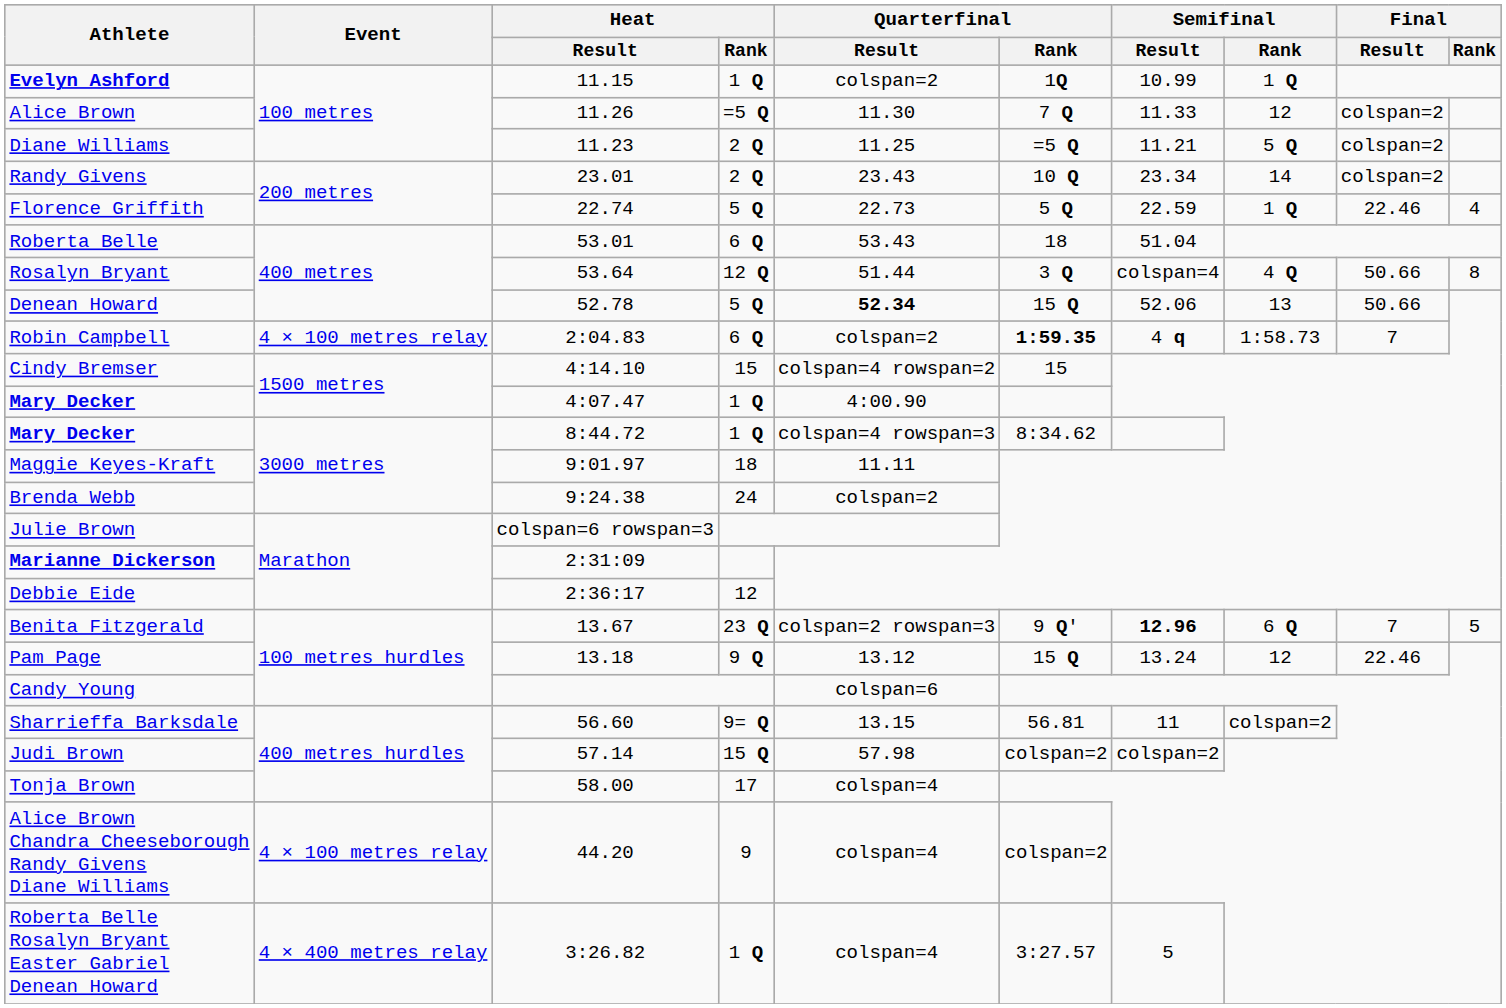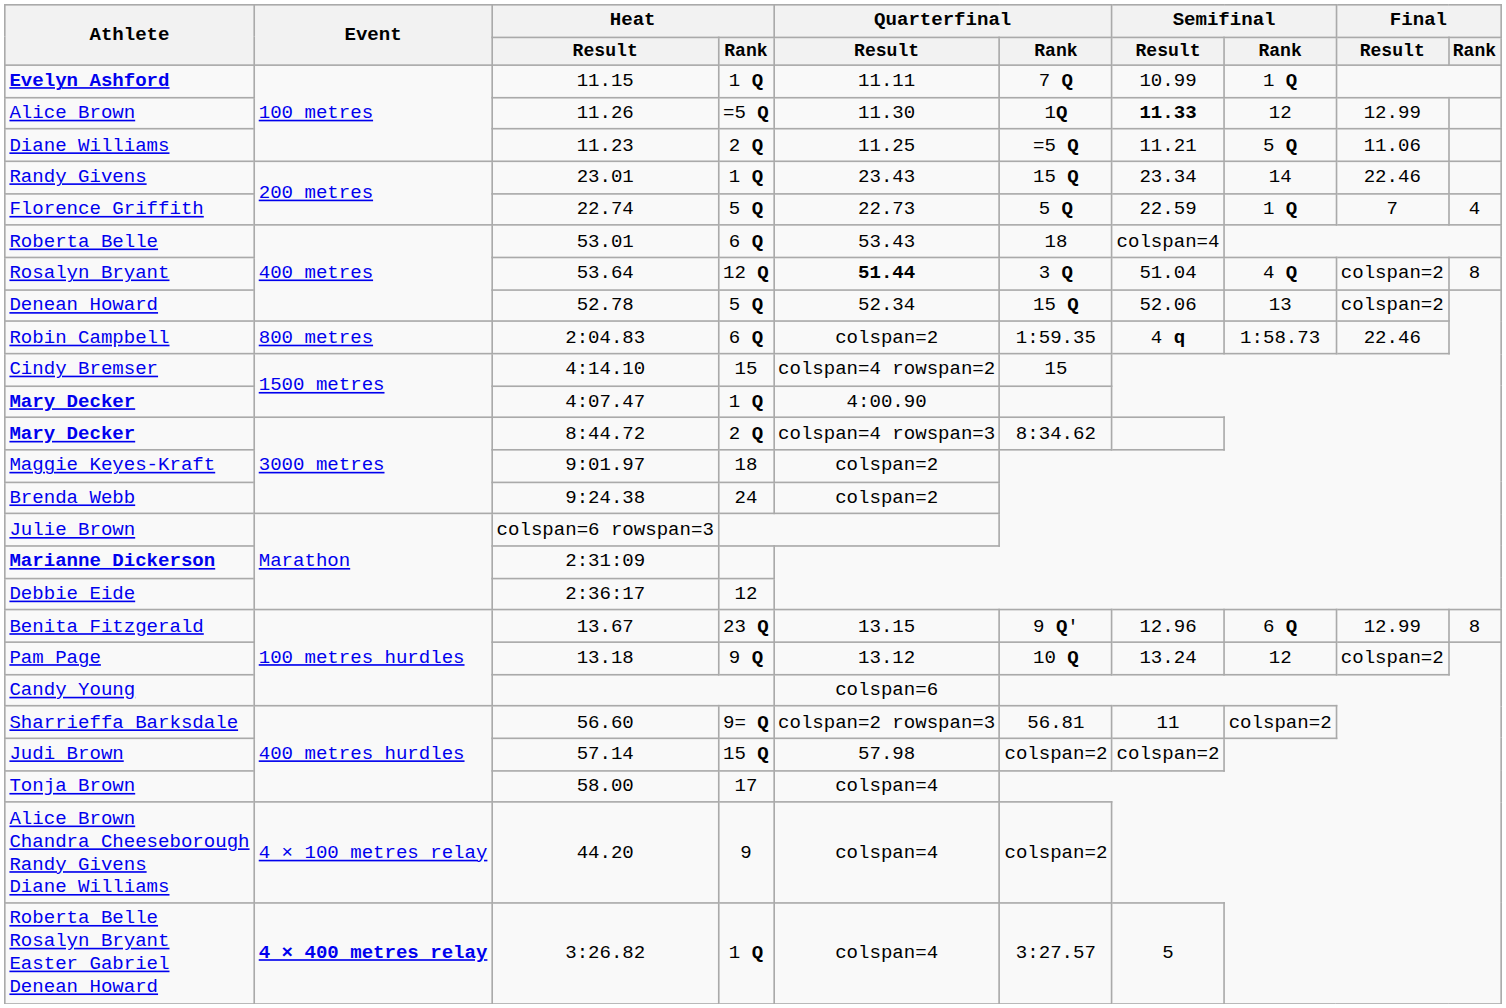 <table class=wikitable style=font-size:90%>
 <tr>
 <th rowspan=2>Athlete</th>
 <th rowspan=2>Event</th>
 <th colspan=2>Heat</th>
 <th colspan=2>Quarterfinal</th>
 <th colspan=2>Semifinal</th>
 <th colspan=2>Final</th>
 </tr>
 <tr style=font-size:95%>
 <th>Result</th>
 <th>Rank</th>
 <th>Result</th>
 <th>Rank</th>
 <th>Result</th>
 <th>Rank</th>
 <th>Result</th>
 <th>Rank</th>
 </tr>
 <tr align=center>
 <td align=left><strong><a href='#'>Evelyn Ashford</a></strong></td>
 <td align=left rowspan=3><a href='#'>100 metres</a></td>
 <td>11.15</td>
 <td>1 <strong>Q</strong></td>
-<td>colspan=2 </td>
-<td>1<strong>Q</strong></td>
+<td>11.11</td>
+<td>7 <strong>Q</strong></td>
 <td>10.99</td>
 <td>1 <strong>Q</strong></td>
 <td colspan=2></td>
 </tr>
 <tr align=center>
 <td align=left><a href='#'>Alice Brown</a></td>
 <td>11.26</td>
 <td>=5 <strong>Q</strong></td>
 <td>11.30</td>
-<td>7 <strong>Q</strong></td>
-<td>11.33</td>
+<td>1<strong>Q</strong></td>
+<td><strong>11.33</strong></td>
 <td>12</td>
-<td>colspan=2 </td>
+<td>12.99</td>
 </tr>
 <tr align=center>
 <td align=left><a href='#'>Diane Williams</a></td>
 <td>11.23</td>
 <td>2 <strong>Q</strong></td>
 <td>11.25</td>
 <td>=5 <strong>Q</strong></td>
 <td>11.21</td>
 <td>5 <strong>Q</strong></td>
-<td>colspan=2 </td>
+<td>11.06</td>
 <td></td>
 </tr>
 <tr align=center>
 <td align=left><a href='#'>Randy Givens</a></td>
 <td align=left rowspan=2><a href='#'>200 metres</a></td>
 <td>23.01</td>
-<td>2 <strong>Q</strong></td>
+<td>1 <strong>Q</strong></td>
 <td>23.43</td>
-<td>10 <strong>Q</strong></td>
+<td>15 <strong>Q</strong></td>
 <td>23.34</td>
 <td>14</td>
-<td>colspan=2 </td>
+<td>22.46</td>
 </tr>
 <tr align=center>
 <td align=left><a href='#'>Florence Griffith</a></td>
 <td>22.74</td>
 <td>5 <strong>Q</strong></td>
 <td>22.73</td>
 <td>5 <strong>Q</strong></td>
 <td>22.59</td>
 <td>1 <strong>Q</strong></td>
-<td>22.46</td>
+<td>7</td>
 <td>4</td>
 </tr>
 <tr align=center>
 <td align=left><a href='#'>Roberta Belle</a></td>
 <td align=left rowspan=3><a href='#'>400 metres</a></td>
 <td>53.01</td>
 <td>6 <strong>Q</strong></td>
 <td>53.43</td>
 <td>18</td>
-<td>51.04</td>
+<td>colspan=4 </td>
 </tr>
 <tr align=center>
 <td align=left><a href='#'>Rosalyn Bryant</a></td>
 <td>53.64</td>
 <td>12 <strong>Q</strong></td>
-<td>51.44</td>
+<td><strong>51.44</strong></td>
 <td>3 <strong>Q</strong></td>
-<td>colspan=4 </td>
+<td>51.04</td>
 <td>4 <strong>Q</strong></td>
-<td>50.66</td>
+<td>colspan=2 </td>
 <td>8</td>
 </tr>
 <tr align=center>
 <td align=left><a href='#'>Denean Howard</a></td>
 <td>52.78</td>
 <td>5 <strong>Q</strong></td>
-<td><strong>52.34</strong></td>
+<td>52.34</td>
 <td>15 <strong>Q</strong></td>
 <td>52.06</td>
 <td>13</td>
-<td>50.66</td>
+<td>colspan=2 </td>
 </tr>
 <tr align=center>
 <td align=left><a href='#'>Robin Campbell</a></td>
-<td align=left><a href='#'>4 × 100 metres relay</a></td>
+<td align=left><a href='#'>800 metres</a></td>
 <td>2:04.83</td>
 <td>6 <strong>Q</strong></td>
 <td>colspan=2 </td>
-<td><strong>1:59.35</strong></td>
+<td>1:59.35</td>
 <td>4 <strong>q</strong></td>
 <td>1:58.73</td>
-<td>7</td>
+<td>22.46</td>
 </tr>
 <tr align=center>
 <td align=left><a href='#'>Cindy Bremser</a></td>
 <td align=left rowspan=2><a href='#'>1500 metres</a></td>
 <td>4:14.10</td>
 <td>15</td>
 <td>colspan=4 rowspan=2 </td>
 <td>15</td>
 </tr>
 <tr align=center>
 <td align=left><strong><a href='#'>Mary Decker</a></strong></td>
 <td>4:07.47</td>
 <td>1 <strong>Q</strong></td>
 <td>4:00.90</td>
 <td></td>
 </tr>
 <tr align=center>
 <td align=left><strong><a href='#'>Mary Decker</a></strong></td>
 <td align=left rowspan=3><a href='#'>3000 metres</a></td>
 <td>8:44.72</td>
-<td>1 <strong>Q</strong></td>
+<td>2 <strong>Q</strong></td>
 <td>colspan=4 rowspan=3 </td>
 <td>8:34.62</td>
 <td></td>
 </tr>
 <tr align=center>
 <td align=left><a href='#'>Maggie Keyes-Kraft</a></td>
 <td>9:01.97</td>
 <td>18</td>
-<td>11.11</td>
+<td>colspan=2 </td>
 </tr>
 <tr align=center>
 <td align=left><a href='#'>Brenda Webb</a></td>
 <td>9:24.38</td>
 <td>24</td>
 <td>colspan=2 </td>
 </tr>
 <tr align=center>
 <td align=left><a href='#'>Julie Brown</a></td>
 <td align=left rowspan=3><a href='#'>Marathon</a></td>
 <td>colspan=6 rowspan=3 </td>
 <td colspan=2></td>
 </tr>
 <tr align=center>
 <td align=left><strong><a href='#'>Marianne Dickerson</a></strong></td>
 <td>2:31:09</td>
 <td></td>
 </tr>
 <tr align=center>
 <td align=left><a href='#'>Debbie Eide</a></td>
 <td>2:36:17</td>
 <td>12</td>
 </tr>
 <tr align=center>
 <td align=left><a href='#'>Benita Fitzgerald</a></td>
 <td align=left rowspan=3><a href='#'>100 metres hurdles</a></td>
 <td>13.67</td>
 <td>23 <strong>Q</strong></td>
-<td>colspan=2 rowspan=3 </td>
+<td>13.15</td>
 <td>9 <strong>Q</strong>'</td>
-<td><strong>12.96</strong></td>
+<td>12.96</td>
 <td>6 <strong>Q</strong></td>
-<td>7</td>
-<td>5</td>
+<td>12.99</td>
+<td>8</td>
 </tr>
 <tr align=center>
 <td align=left><a href='#'>Pam Page</a></td>
 <td>13.18</td>
 <td>9 <strong>Q</strong></td>
 <td>13.12</td>
-<td>15 <strong>Q</strong></td>
+<td>10 <strong>Q</strong></td>
 <td>13.24</td>
 <td>12</td>
-<td>22.46</td>
+<td>colspan=2 </td>
 </tr>
 <tr align=center>
 <td align=left><a href='#'>Candy Young</a></td>
 <td colspan=2></td>
 <td>colspan=6 </td>
 </tr>
 <tr align=center>
 <td align=left><a href='#'>Sharrieffa Barksdale</a></td>
 <td align=left rowspan=3><a href='#'>400 metres hurdles</a></td>
 <td>56.60</td>
 <td>9= <strong>Q</strong></td>
-<td>13.15</td>
+<td>colspan=2 rowspan=3 </td>
 <td>56.81</td>
 <td>11</td>
 <td>colspan=2 </td>
 </tr>
 <tr align=center>
 <td align=left><a href='#'>Judi Brown</a></td>
 <td>57.14</td>
 <td>15 <strong>Q</strong></td>
 <td>57.98</td>
 <td>colspan=2 </td>
 <td>colspan=2 </td>
 </tr>
 <tr align=center>
 <td align=left><a href='#'>Tonja Brown</a></td>
 <td>58.00</td>
 <td>17</td>
 <td>colspan=4 </td>
 </tr>
 <tr align=center>
 <td align=left><a href='#'>Alice Brown</a><br><a href='#'>Chandra Cheeseborough</a><br><a href='#'>Randy Givens</a><br><a href='#'>Diane Williams</a></td>
 <td align=left><a href='#'>4 × 100 metres relay</a></td>
 <td>44.20</td>
 <td>9</td>
 <td>colspan=4 </td>
 <td>colspan=2 </td>
 </tr>
 <tr align=center>
 <td align=left><a href='#'>Roberta Belle</a><br><a href='#'>Rosalyn Bryant</a><br><a href='#'>Easter Gabriel</a><br><a href='#'>Denean Howard</a></td>
-<td align=left><a href='#'>4 × 400 metres relay</a></td>
+<td align=left><strong><a href='#'>4 × 400 metres relay</a></strong></td>
 <td>3:26.82</td>
 <td>1 <strong>Q</strong></td>
 <td>colspan=4 </td>
 <td>3:27.57</td>
 <td>5</td>
 </tr>
 </table>
